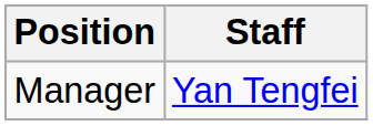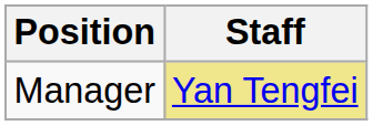 <table class="wikitable">
 <tr>
 <th scope="col">Position</th>
 <th scope="col">Staff</th>
 </tr>
 <tr>
 <td>Manager</td>
-<td> <a href='#'>Yan Tengfei</a></td>
+<td style="background: khaki;"> <a href='#'>Yan Tengfei</a></td>
 </tr>
 <tr>
 </tr>
 </table>
